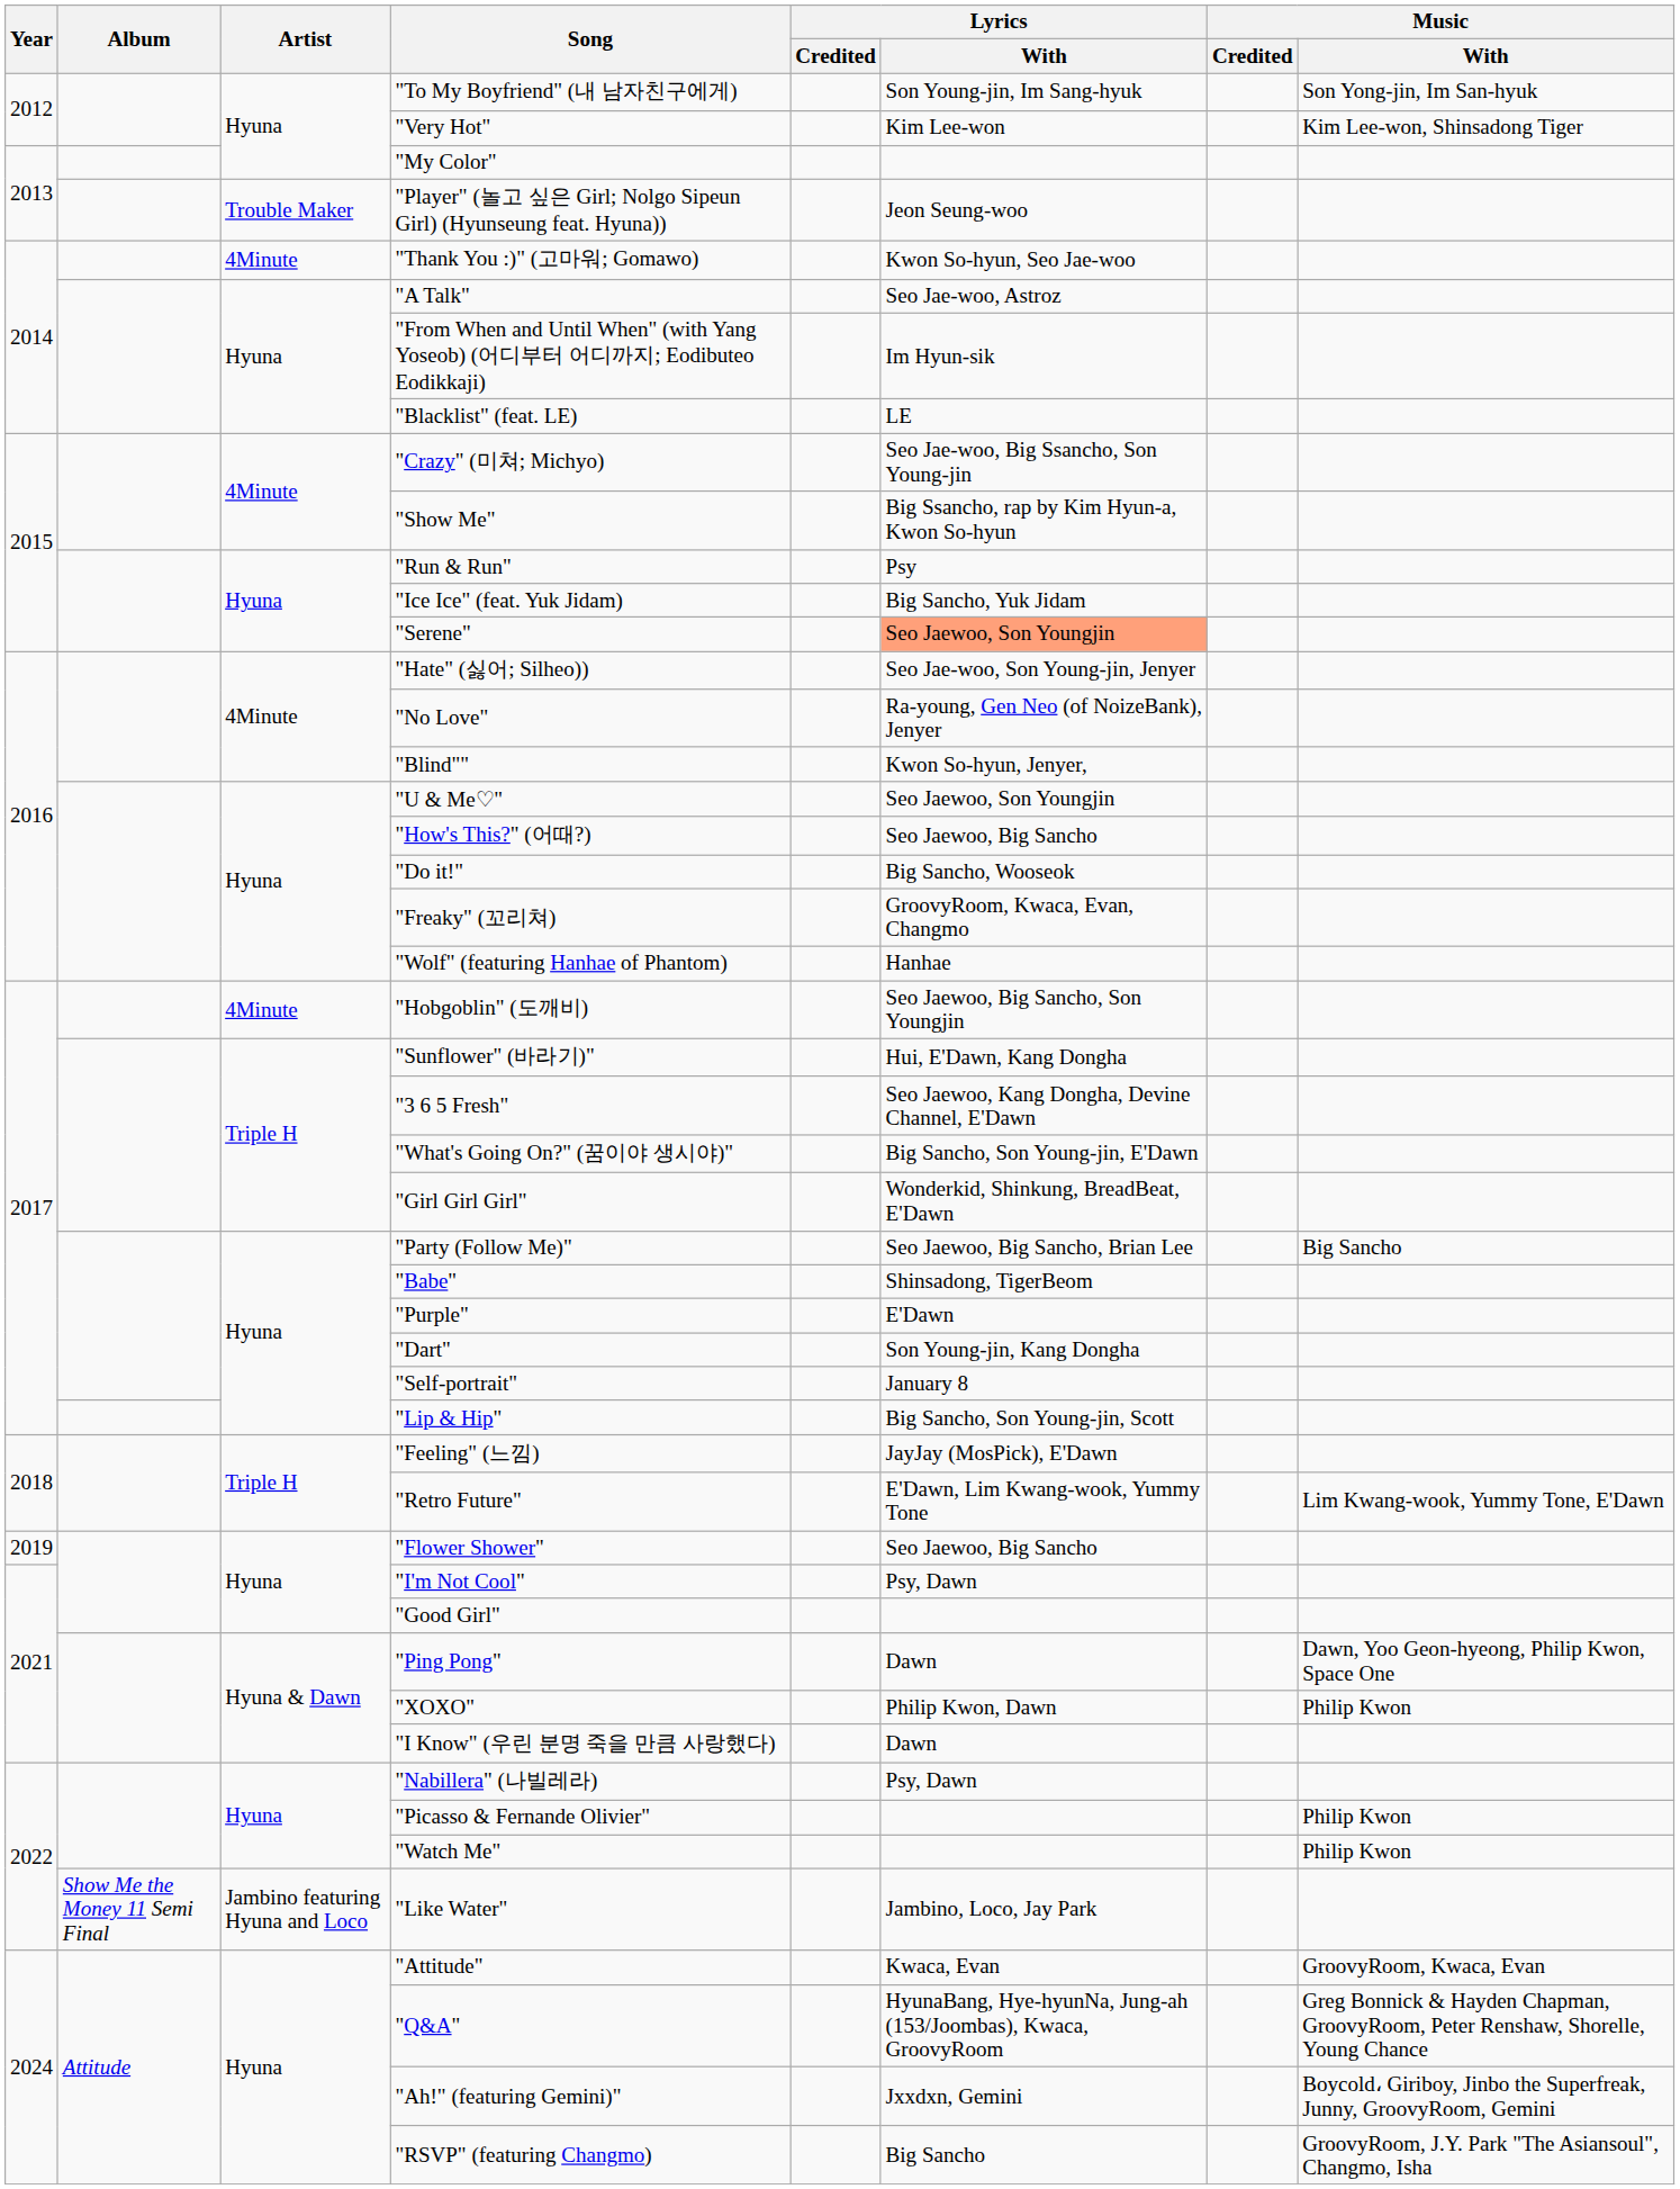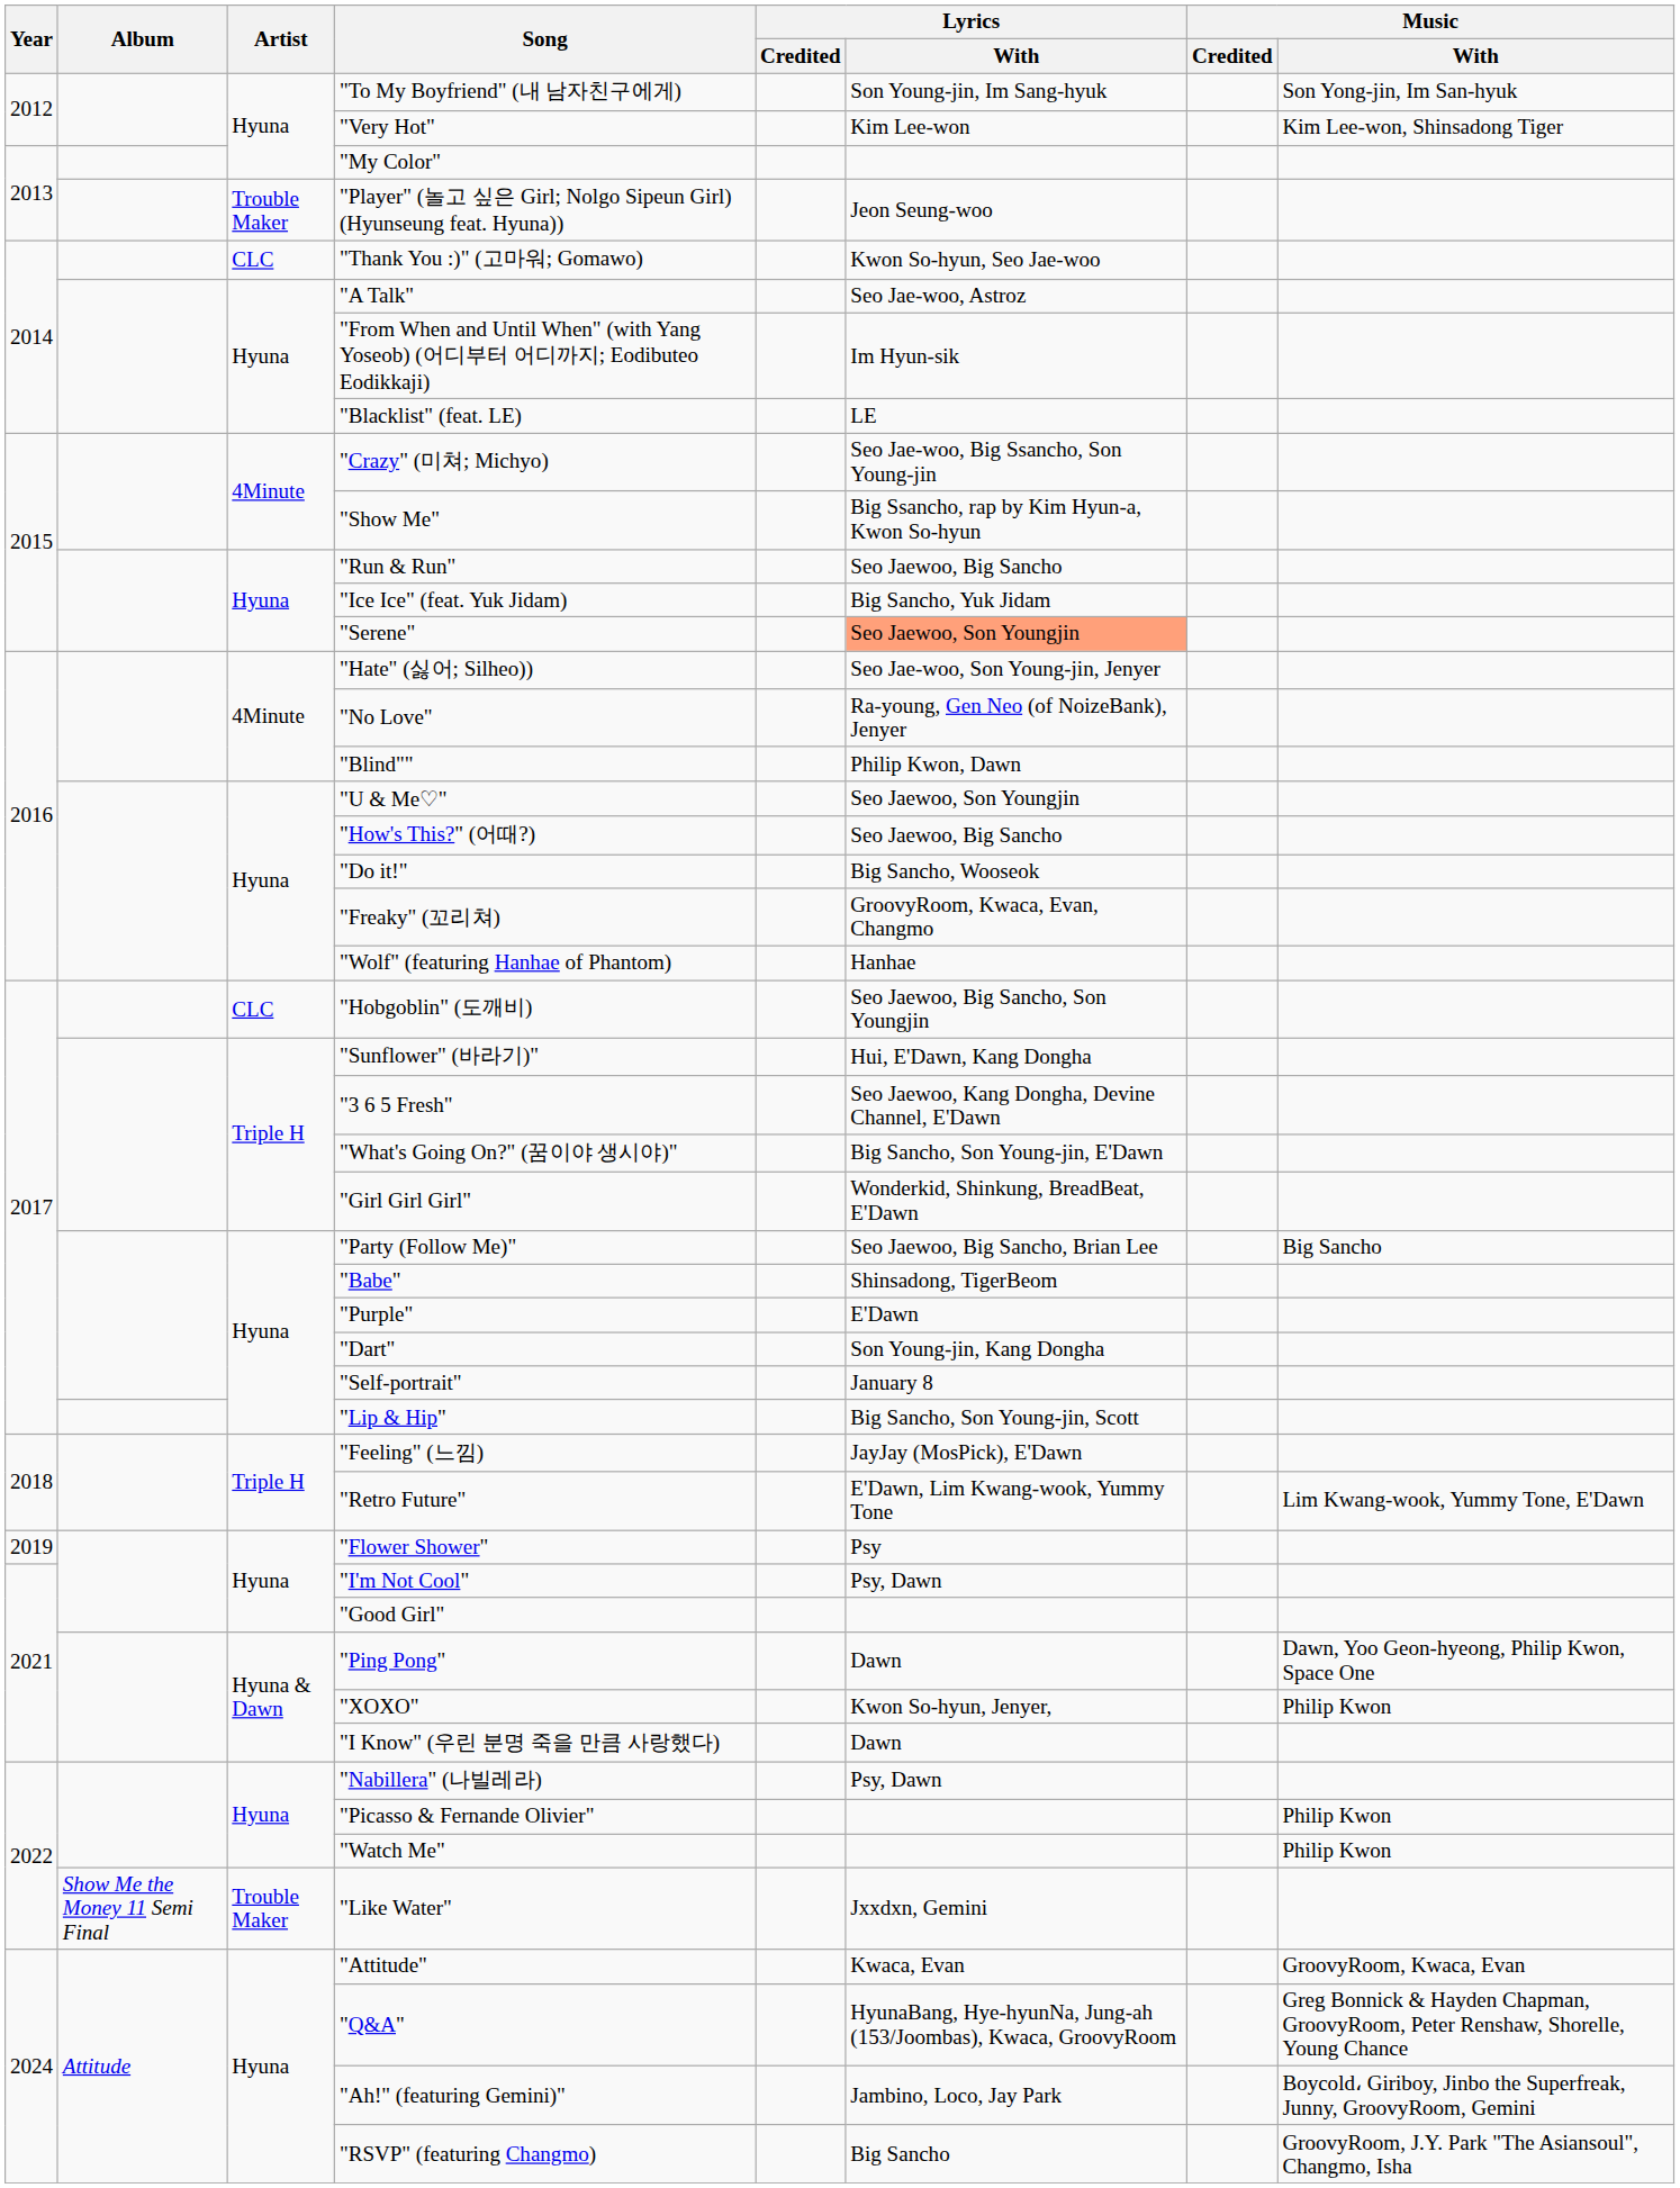 <table class="wikitable">
 <tr>
 <th rowspan="2">Year</th>
 <th rowspan="2">Album</th>
 <th rowspan="2">Artist</th>
 <th rowspan="2">Song</th>
 <th colspan="2">Lyrics</th>
 <th colspan="2">Music</th>
 </tr>
 <tr>
 <th>Credited</th>
 <th>With</th>
 <th>Credited</th>
 <th>With</th>
 </tr>
 <tr>
 <td rowspan="2">2012</td>
 <td rowspan="2"></td>
 <td rowspan="3">Hyuna</td>
 <td>"To My Boyfriend" (내 남자친구에게)</td>
 <td></td>
 <td>Son Young-jin, Im Sang-hyuk</td>
 <td></td>
 <td>Son Yong-jin, Im San-hyuk</td>
 </tr>
 <tr>
 <td>"Very Hot"</td>
 <td></td>
 <td>Kim Lee-won</td>
 <td></td>
 <td>Kim Lee-won, Shinsadong Tiger</td>
 </tr>
 <tr>
 <td rowspan="2">2013</td>
 <td></td>
 <td>"My Color"</td>
 <td></td>
 <td></td>
 <td></td>
 <td></td>
 </tr>
 <tr>
 <td rowspan="1"></td>
 <td><a href='#'>Trouble Maker</a></td>
 <td>"Player" (놀고 싶은 Girl; Nolgo Sipeun Girl) (Hyunseung feat. Hyuna))</td>
 <td></td>
 <td>Jeon Seung-woo</td>
 <td></td>
 <td></td>
 </tr>
 <tr>
 <td rowspan="4">2014</td>
 <td></td>
-<td><a href='#'>4Minute</a></td>
+<td><a href='#'>CLC</a></td>
 <td>"Thank You :)" (고마워; Gomawo)</td>
 <td></td>
 <td>Kwon So-hyun, Seo Jae-woo</td>
 <td></td>
 <td></td>
 </tr>
 <tr>
 <td rowspan="3"></td>
 <td rowspan="3">Hyuna</td>
 <td>"A Talk"</td>
 <td></td>
 <td>Seo Jae-woo, Astroz</td>
 <td></td>
 <td></td>
 </tr>
 <tr>
 <td>"From When and Until When" (with Yang Yoseob) (어디부터 어디까지; Eodibuteo Eodikkaji)</td>
 <td></td>
 <td>Im Hyun-sik</td>
 <td></td>
 <td></td>
 </tr>
 <tr>
 <td>"Blacklist" (feat. LE)</td>
 <td></td>
 <td>LE</td>
 <td></td>
 <td></td>
 </tr>
 <tr>
 <td rowspan="5">2015</td>
 <td rowspan="2"></td>
 <td rowspan="2"><a href='#'>4Minute</a></td>
 <td>"<a href='#'>Crazy</a>" (미쳐; Michyo)</td>
 <td></td>
 <td>Seo Jae-woo, Big Ssancho, Son Young-jin</td>
 <td></td>
 <td></td>
 </tr>
 <tr>
 <td>"Show Me"</td>
 <td></td>
 <td>Big Ssancho, rap by Kim Hyun-a, Kwon So-hyun</td>
 <td></td>
 <td></td>
 </tr>
 <tr>
 <td rowspan="3"></td>
 <td rowspan="3"><a href='#'>Hyuna</a></td>
 <td>"Run & Run"</td>
 <td></td>
-<td>Psy</td>
+<td>Seo Jaewoo, Big Sancho</td>
 <td></td>
 <td></td>
 </tr>
 <tr>
 <td>"Ice Ice" (feat. Yuk Jidam)</td>
 <td></td>
 <td>Big Sancho, Yuk Jidam</td>
 <td></td>
 <td></td>
 </tr>
 <tr>
 <td>"Serene"</td>
 <td></td>
 <td style="background: lightsalmon;">Seo Jaewoo, Son Youngjin</td>
 <td></td>
 <td></td>
 </tr>
 <tr>
 <td rowspan="8">2016</td>
 <td rowspan="3"></td>
 <td rowspan="3">4Minute</td>
 <td>"Hate" (싫어; Silheo))</td>
 <td></td>
 <td>Seo Jae-woo, Son Young-jin, Jenyer</td>
 <td></td>
 <td></td>
 </tr>
 <tr>
 <td>"No Love"</td>
 <td></td>
 <td>Ra-young, <a href='#'>Gen Neo</a> (of NoizeBank), Jenyer</td>
 <td></td>
 <td></td>
 </tr>
 <tr>
 <td>"Blind""</td>
 <td></td>
-<td>Kwon So-hyun, Jenyer,</td>
+<td>Philip Kwon, Dawn</td>
 <td></td>
 <td></td>
 </tr>
 <tr>
 <td rowspan="5"></td>
 <td rowspan="5">Hyuna</td>
 <td>"U & Me♡"</td>
 <td></td>
 <td>Seo Jaewoo, Son Youngjin</td>
 <td></td>
 <td></td>
 </tr>
 <tr>
 <td>"<a href='#'>How's This?</a>" (어때?)</td>
 <td></td>
 <td>Seo Jaewoo, Big Sancho</td>
 <td></td>
 <td></td>
 </tr>
 <tr>
 <td>"Do it!"</td>
 <td></td>
 <td>Big Sancho, Wooseok</td>
 <td></td>
 <td></td>
 </tr>
 <tr>
 <td>"Freaky" (꼬리쳐)</td>
 <td></td>
 <td>GroovyRoom, Kwaca, Evan, Changmo</td>
 <td></td>
 <td></td>
 </tr>
 <tr>
 <td>"Wolf" (featuring <a href='#'>Hanhae</a> of Phantom)</td>
 <td></td>
 <td>Hanhae</td>
 <td></td>
 <td></td>
 </tr>
 <tr>
 <td rowspan="11">2017</td>
 <td></td>
-<td><a href='#'>4Minute</a></td>
+<td><a href='#'>CLC</a></td>
 <td>"Hobgoblin" (도깨비)</td>
 <td></td>
 <td>Seo Jaewoo, Big Sancho, Son Youngjin</td>
 <td></td>
 <td></td>
 </tr>
 <tr>
 <td rowspan="4"></td>
 <td rowspan="4"><a href='#'>Triple H</a></td>
 <td>"Sunflower" (바라기)"</td>
 <td></td>
 <td>Hui, E'Dawn, Kang Dongha</td>
 <td></td>
 <td></td>
 </tr>
 <tr>
 <td>"3 6 5 Fresh"</td>
 <td></td>
 <td>Seo Jaewoo, Kang Dongha, Devine Channel, E'Dawn</td>
 <td></td>
 <td></td>
 </tr>
 <tr>
 <td>"What's Going On?" (꿈이야 생시야)"</td>
 <td></td>
 <td>Big Sancho, Son Young-jin, E'Dawn</td>
 <td></td>
 <td></td>
 </tr>
 <tr>
 <td>"Girl Girl Girl"</td>
 <td></td>
 <td>Wonderkid, Shinkung, BreadBeat, E'Dawn</td>
 <td></td>
 <td></td>
 </tr>
 <tr>
 <td rowspan="5"></td>
 <td rowspan="6">Hyuna</td>
 <td>"Party (Follow Me)"</td>
 <td></td>
 <td>Seo Jaewoo, Big Sancho, Brian Lee</td>
 <td></td>
 <td>Big Sancho</td>
 </tr>
 <tr>
 <td>"<a href='#'>Babe</a>"</td>
 <td></td>
 <td>Shinsadong, TigerBeom</td>
 <td></td>
 <td></td>
 </tr>
 <tr>
 <td>"Purple"</td>
 <td></td>
 <td>E'Dawn</td>
 <td></td>
 <td></td>
 </tr>
 <tr>
 <td>"Dart"</td>
 <td></td>
 <td>Son Young-jin, Kang Dongha</td>
 <td></td>
 <td></td>
 </tr>
 <tr>
 <td>"Self-portrait"</td>
 <td></td>
 <td>January 8</td>
 <td></td>
 <td></td>
 </tr>
 <tr>
 <td rowspan="1"></td>
 <td>"<a href='#'>Lip & Hip</a>"</td>
 <td></td>
 <td>Big Sancho, Son Young-jin, Scott</td>
 <td></td>
 <td></td>
 </tr>
 <tr>
 <td rowspan="2">2018</td>
 <td rowspan="2"></td>
 <td rowspan="2"><a href='#'>Triple H</a></td>
 <td>"Feeling" (느낌)</td>
 <td></td>
 <td>JayJay (MosPick), E'Dawn</td>
 <td></td>
 <td></td>
 </tr>
 <tr>
 <td>"Retro Future"</td>
 <td></td>
 <td>E'Dawn, Lim Kwang-wook, Yummy Tone</td>
 <td></td>
 <td>Lim Kwang-wook, Yummy Tone, E'Dawn</td>
 </tr>
 <tr>
 <td>2019</td>
 <td rowspan="3"></td>
 <td rowspan="3">Hyuna</td>
 <td>"<a href='#'>Flower Shower</a>"</td>
 <td></td>
-<td>Seo Jaewoo, Big Sancho</td>
+<td>Psy</td>
 <td></td>
 <td></td>
 </tr>
 <tr>
 <td rowspan="5">2021</td>
 <td>"<a href='#'>I'm Not Cool</a>"</td>
 <td></td>
 <td>Psy, Dawn</td>
 <td></td>
 <td></td>
 </tr>
 <tr>
 <td>"Good Girl"</td>
 <td></td>
 <td></td>
 <td></td>
 <td></td>
 </tr>
 <tr>
 <td rowspan="3"></td>
 <td rowspan="3">Hyuna & <a href='#'>Dawn</a></td>
 <td>"<a href='#'>Ping Pong</a>"</td>
 <td></td>
 <td>Dawn</td>
 <td></td>
 <td>Dawn, Yoo Geon-hyeong, Philip Kwon, Space One</td>
 </tr>
 <tr>
 <td>"XOXO"</td>
 <td></td>
-<td>Philip Kwon, Dawn</td>
+<td>Kwon So-hyun, Jenyer,</td>
 <td></td>
 <td>Philip Kwon</td>
 </tr>
 <tr>
 <td>"I Know" (우린 분명 죽을 만큼 사랑했다)</td>
 <td></td>
 <td>Dawn</td>
 <td></td>
 <td></td>
 </tr>
 <tr>
 <td rowspan="4">2022</td>
 <td rowspan="3"></td>
 <td rowspan="3"><a href='#'>Hyuna</a></td>
 <td>"<a href='#'>Nabillera</a>" (나빌레라)</td>
 <td></td>
 <td>Psy, Dawn</td>
 <td></td>
 <td></td>
 </tr>
 <tr>
 <td>"Picasso & Fernande Olivier"</td>
 <td></td>
 <td></td>
 <td></td>
 <td>Philip Kwon</td>
 </tr>
 <tr>
 <td>"Watch Me"</td>
 <td></td>
 <td></td>
 <td></td>
 <td>Philip Kwon</td>
 </tr>
 <tr>
 <td><em><a href='#'>Show Me the Money 11</a> Semi Final</em></td>
-<td>Jambino featuring Hyuna and <a href='#'>Loco</a></td>
+<td><a href='#'>Trouble Maker</a></td>
 <td>"Like Water"</td>
 <td></td>
-<td>Jambino, Loco, Jay Park</td>
+<td>Jxxdxn, Gemini</td>
 <td></td>
 <td></td>
 </tr>
 <tr>
 <td rowspan="4">2024</td>
 <td rowspan="4"><em><a href='#'>Attitude</a></em></td>
 <td rowspan="4">Hyuna</td>
 <td>"Attitude"</td>
 <td></td>
 <td>Kwaca, Evan</td>
 <td></td>
 <td>GroovyRoom, Kwaca, Evan</td>
 </tr>
 <tr>
 <td>"<a href='#'>Q&A</a>"</td>
 <td></td>
 <td>HyunaBang, Hye-hyunNa, Jung-ah (153/Joombas), Kwaca, GroovyRoom</td>
 <td></td>
 <td>Greg Bonnick & Hayden Chapman, GroovyRoom, Peter Renshaw, Shorelle, Young Chance</td>
 </tr>
 <tr>
 <td>"Ah!" (featuring Gemini)"</td>
 <td></td>
-<td>Jxxdxn, Gemini</td>
+<td>Jambino, Loco, Jay Park</td>
 <td></td>
 <td>Boycold، Giriboy, Jinbo the Superfreak, Junny, GroovyRoom, Gemini</td>
 </tr>
 <tr>
 <td>"RSVP" (featuring <a href='#'>Changmo</a>)</td>
 <td></td>
 <td>Big Sancho</td>
 <td></td>
 <td>GroovyRoom, J.Y. Park "The Asiansoul", Changmo, Isha</td>
 </tr>
 <tr>
 </tr>
 </table>
